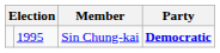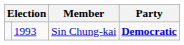 <table class="wikitable">
 <tr>
 <th colspan="2">Election</th>
 <th>Member</th>
 <th>Party</th>
 </tr>
 <tr>
 <td style="background-color: "></td>
-<td><a href='#'>1995</a></td>
+<td><a href='#'>1993</a></td>
 <td><a href='#'>Sin Chung-kai</a></td>
 <td><strong><a href='#'>Democratic</a></strong></td>
 </tr>
 </table>
